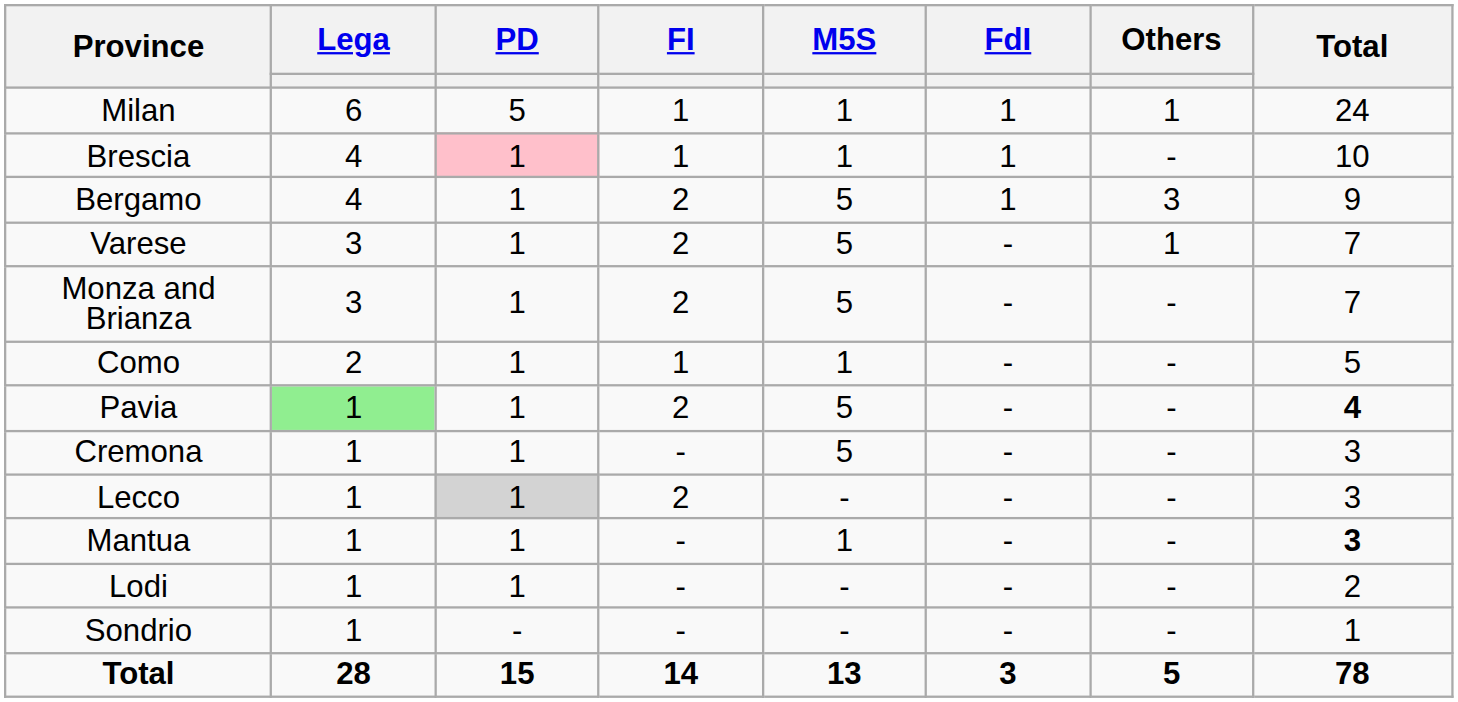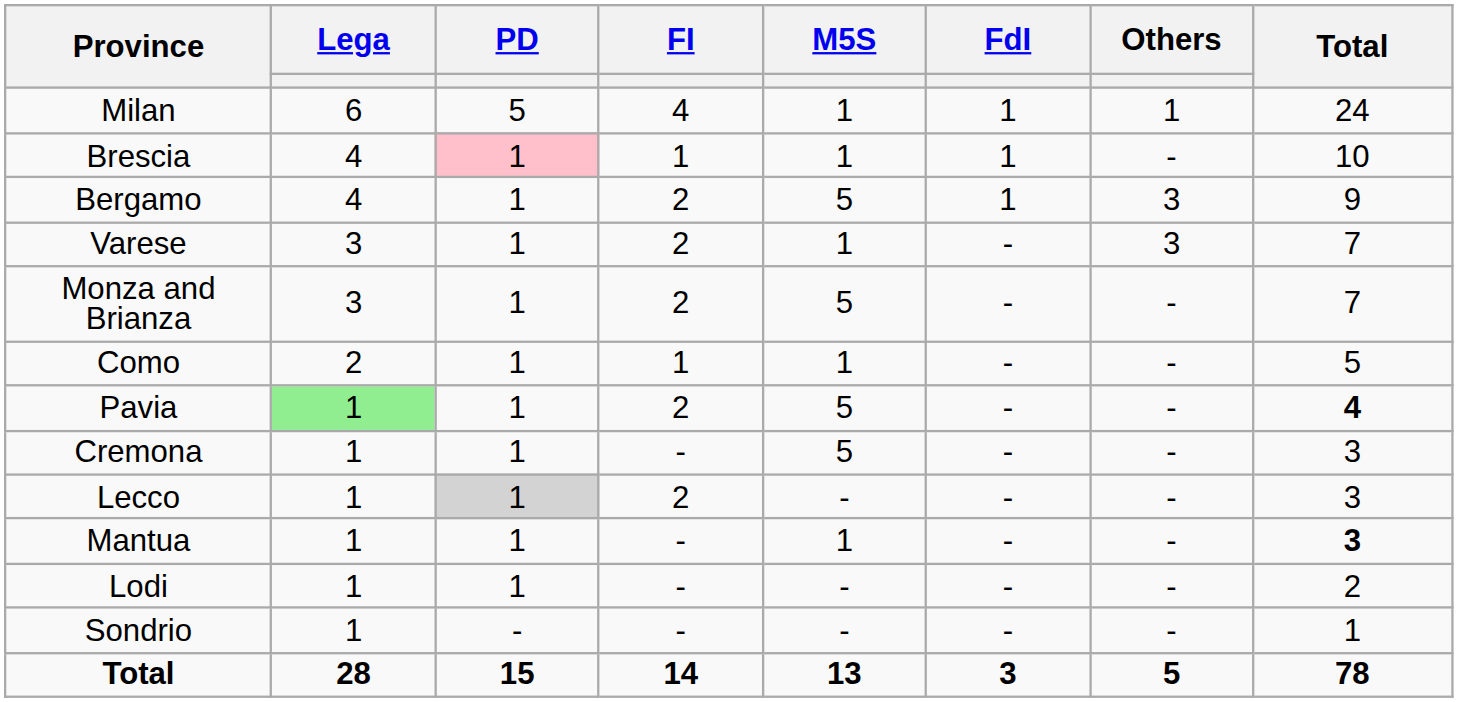 <table class="wikitable" style="text-align:center;font-size:85%;line-height:13px">
 <tr style="height:30px; background-color:#E9E9E9">
 <th style="width:110px;" rowspan="2">Province</th>
 <th style="width:65px;"><a href='#'>Lega</a></th>
 <th style="width:65px;"><a href='#'>PD</a></th>
 <th style="width:65px;"><a href='#'>FI</a></th>
 <th style="width:65px;"><a href='#'>M5S</a></th>
 <th style="width:65px;"><a href='#'>FdI</a></th>
 <th style="width:65px;">Others</th>
 <th style="width:80px;" rowspan=2>Total</th>
 </tr>
 <tr>
 <th style="background:"></th>
 <th style="background:"></th>
 <th style="background:"></th>
 <th style="background:"></th>
 <th style="background:"></th>
 <th style="background:"></th>
 </tr>
 <tr>
 <td>Milan</td>
 <td>6</td>
 <td>5</td>
-<td>1</td>
+<td>4</td>
 <td>1</td>
 <td>1</td>
 <td>1</td>
 <td>24</td>
 </tr>
 <tr>
 <td>Brescia</td>
 <td>4</td>
 <td style="background: pink;">1</td>
 <td>1</td>
 <td>1</td>
 <td>1</td>
 <td>-</td>
 <td>10</td>
 </tr>
 <tr>
 <td>Bergamo</td>
 <td>4</td>
 <td>1</td>
 <td>2</td>
 <td>5</td>
 <td>1</td>
 <td>3</td>
 <td>9</td>
 </tr>
 <tr>
 <td>Varese</td>
 <td>3</td>
 <td>1</td>
 <td>2</td>
-<td>5</td>
+<td>1</td>
 <td>-</td>
-<td>1</td>
+<td>3</td>
 <td>7</td>
 </tr>
 <tr>
 <td>Monza and Brianza</td>
 <td>3</td>
 <td>1</td>
 <td>2</td>
 <td>5</td>
 <td>-</td>
 <td>-</td>
 <td>7</td>
 </tr>
 <tr>
 <td>Como</td>
 <td>2</td>
 <td>1</td>
 <td>1</td>
 <td>1</td>
 <td>-</td>
 <td>-</td>
 <td>5</td>
 </tr>
 <tr>
 <td>Pavia</td>
 <td style="background: lightgreen;">1</td>
 <td>1</td>
 <td>2</td>
 <td>5</td>
 <td>-</td>
 <td>-</td>
 <td><strong>4</strong></td>
 </tr>
 <tr>
 <td>Cremona</td>
 <td>1</td>
 <td>1</td>
 <td>-</td>
 <td>5</td>
 <td>-</td>
 <td>-</td>
 <td>3</td>
 </tr>
 <tr>
 <td>Lecco</td>
 <td>1</td>
 <td style="background: lightgrey;">1</td>
 <td>2</td>
 <td>-</td>
 <td>-</td>
 <td>-</td>
 <td>3</td>
 </tr>
 <tr>
 <td>Mantua</td>
 <td>1</td>
 <td>1</td>
 <td>-</td>
 <td>1</td>
 <td>-</td>
 <td>-</td>
 <td><strong>3</strong></td>
 </tr>
 <tr>
 <td>Lodi</td>
 <td>1</td>
 <td>1</td>
 <td>-</td>
 <td>-</td>
 <td>-</td>
 <td>-</td>
 <td>2</td>
 </tr>
 <tr>
 <td>Sondrio</td>
 <td>1</td>
 <td>-</td>
 <td>-</td>
 <td>-</td>
 <td>-</td>
 <td>-</td>
 <td>1</td>
 </tr>
 <tr>
 <td><strong>Total</strong></td>
 <td><strong>28</strong></td>
 <td><strong>15</strong></td>
 <td><strong>14</strong></td>
 <td><strong>13</strong></td>
 <td><strong>3</strong></td>
 <td><strong>5</strong></td>
 <td><strong>78</strong></td>
 </tr>
 </table>
